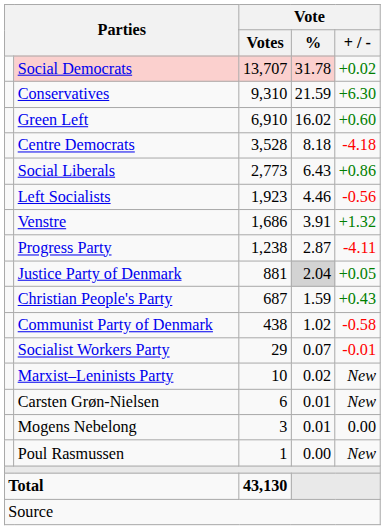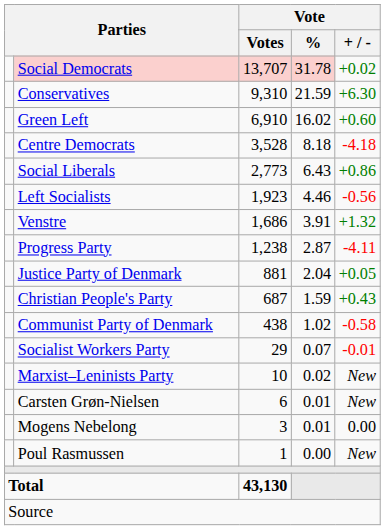 <table class="wikitable" style="text-align:right;">
 <tr>
 <th style="text-align:centre;" rowspan="2" colspan="2" width="225">Parties</th>
 <th colspan="3">Vote</th>
 </tr>
 <tr>
 <th width="15">Votes</th>
 <th width="15">%</th>
 <th width="15">+ / -</th>
 </tr>
 <tr>
 <td width="2" style="color:inherit;background:"></td>
 <td bgcolor=#fbd0ce  align="left"><a href='#'>Social Democrats</a></td>
 <td bgcolor=#fbd0ce>13,707</td>
 <td bgcolor=#fbd0ce>31.78</td>
 <td style=color:green;>+0.02</td>
 </tr>
 <tr>
 <td width="2" style="color:inherit;background:"></td>
 <td align="left"><a href='#'>Conservatives</a></td>
 <td>9,310</td>
 <td>21.59</td>
 <td style=color:green;>+6.30</td>
 </tr>
 <tr>
 <td width="2" style="color:inherit;background:"></td>
 <td align="left"><a href='#'>Green Left</a></td>
 <td>6,910</td>
 <td>16.02</td>
 <td style=color:green;>+0.60</td>
 </tr>
 <tr>
 <td width="2" style="color:inherit;background:"></td>
 <td align="left"><a href='#'>Centre Democrats</a></td>
 <td>3,528</td>
 <td>8.18</td>
 <td style=color:red;>-4.18</td>
 </tr>
 <tr>
 <td width="2" style="color:inherit;background:"></td>
 <td align="left"><a href='#'>Social Liberals</a></td>
 <td>2,773</td>
 <td>6.43</td>
 <td style=color:green;>+0.86</td>
 </tr>
 <tr>
 <td width="2" style="color:inherit;background:"></td>
 <td align="left"><a href='#'>Left Socialists</a></td>
 <td>1,923</td>
 <td>4.46</td>
 <td style=color:red;>-0.56</td>
 </tr>
 <tr>
 <td width="2" style="color:inherit;background:"></td>
 <td align="left"><a href='#'>Venstre</a></td>
 <td>1,686</td>
 <td>3.91</td>
 <td style=color:green;>+1.32</td>
 </tr>
 <tr>
 <td width="2" style="color:inherit;background:"></td>
 <td align="left"><a href='#'>Progress Party</a></td>
 <td>1,238</td>
 <td>2.87</td>
 <td style=color:red;>-4.11</td>
 </tr>
 <tr>
 <td width="2" style="color:inherit;background:"></td>
 <td align="left"><a href='#'>Justice Party of Denmark</a></td>
 <td>881</td>
-<td style="background: lightgrey;">2.04</td>
+<td>2.04</td>
 <td style=color:green;>+0.05</td>
 </tr>
 <tr>
 <td width="2" style="color:inherit;background:"></td>
 <td align="left"><a href='#'>Christian People's Party</a></td>
 <td>687</td>
 <td>1.59</td>
 <td style=color:green;>+0.43</td>
 </tr>
 <tr>
 <td width="2" style="color:inherit;background:"></td>
 <td align="left"><a href='#'>Communist Party of Denmark</a></td>
 <td>438</td>
 <td>1.02</td>
 <td style=color:red;>-0.58</td>
 </tr>
 <tr>
 <td width="2" style="color:inherit;background:"></td>
 <td align="left"><a href='#'>Socialist Workers Party</a></td>
 <td>29</td>
 <td>0.07</td>
 <td style=color:red;>-0.01</td>
 </tr>
 <tr>
 <td width="2" style="color:inherit;background:"></td>
 <td align="left"><a href='#'>Marxist–Leninists Party</a></td>
 <td>10</td>
 <td>0.02</td>
 <td><em>New</em></td>
 </tr>
 <tr>
 <td width="2" style="color:inherit;background:"></td>
 <td align="left">Carsten Grøn-Nielsen</td>
 <td>6</td>
 <td>0.01</td>
 <td><em>New</em></td>
 </tr>
 <tr>
 <td width="2" style="color:inherit;background:"></td>
 <td align="left">Mogens Nebelong</td>
 <td>3</td>
 <td>0.01</td>
 <td>0.00</td>
 </tr>
 <tr>
 <td width="2" style="color:inherit;background:"></td>
 <td align="left">Poul Rasmussen</td>
 <td>1</td>
 <td>0.00</td>
 <td><em>New</em></td>
 </tr>
 <tr>
 <td colspan="7" bgcolor="#E9E9E9"></td>
 </tr>
 <tr>
 <td align="left" colspan="2"><strong>Total</strong></td>
 <td><strong>43,130</strong></td>
 <td bgcolor="#E9E9E9" colspan="2"></td>
 </tr>
 <tr>
 <td align="left" colspan="6">Source</td>
 </tr>
 </table>
